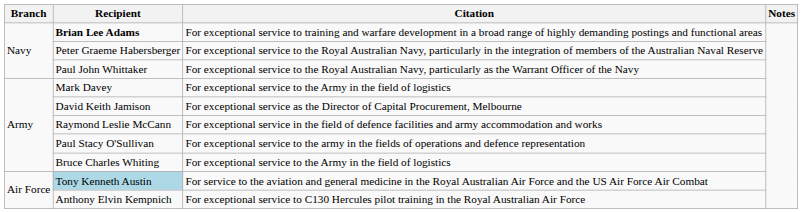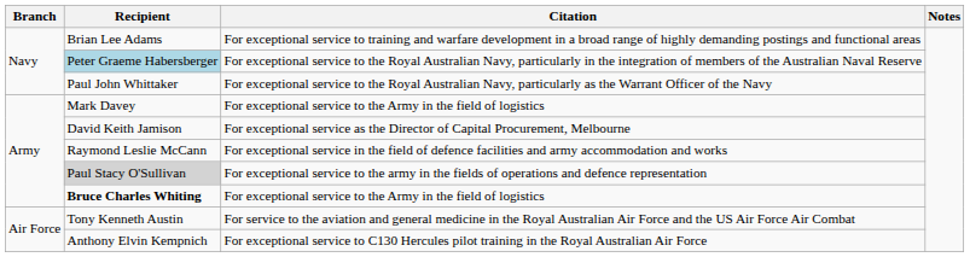 <table class="wikitable" style="font-size:95%;">
 <tr>
 <th>Branch</th>
 <th>Recipient</th>
 <th>Citation</th>
 <th>Notes</th>
 </tr>
 <tr>
 <td rowspan=3>Navy</td>
-<td><strong> Brian Lee Adams</strong></td>
+<td> Brian Lee Adams</td>
 <td>For exceptional service to training and warfare development in a broad range of highly demanding postings and functional areas</td>
 <td rowspan="10"></td>
 </tr>
 <tr>
-<td> Peter Graeme Habersberger </td>
+<td style="background: lightblue;"> Peter Graeme Habersberger </td>
 <td>For exceptional service to the Royal Australian Navy, particularly in the integration of members of the Australian Naval Reserve</td>
 </tr>
 <tr>
 <td> Paul John Whittaker</td>
 <td>For exceptional service to the Royal Australian Navy, particularly as the Warrant Officer of the Navy</td>
 </tr>
 <tr>
 <td rowspan=5>Army</td>
 <td> Mark Davey</td>
 <td>For exceptional service to the Army in the field of logistics</td>
 </tr>
 <tr>
 <td> David Keith Jamison</td>
 <td>For exceptional service as the Director of Capital Procurement, Melbourne</td>
 </tr>
 <tr>
 <td> Raymond Leslie McCann </td>
 <td>For exceptional service in the field of defence facilities and army accommodation and works</td>
 </tr>
 <tr>
-<td> Paul Stacy O'Sullivan</td>
+<td style="background: lightgrey;"> Paul Stacy O'Sullivan</td>
 <td>For exceptional service to the army in the fields of operations and defence representation</td>
 </tr>
 <tr>
-<td> Bruce Charles Whiting</td>
+<td><strong> Bruce Charles Whiting</strong></td>
 <td>For exceptional service to the Army in the field of logistics</td>
 </tr>
 <tr>
 <td rowspan=2>Air Force</td>
-<td style="background: lightblue;"> Tony Kenneth Austin</td>
+<td> Tony Kenneth Austin</td>
 <td>For service to the aviation and general medicine in the Royal Australian Air Force and the US Air Force Air Combat</td>
 </tr>
 <tr>
 <td> Anthony Elvin Kempnich</td>
 <td>For exceptional service to C130 Hercules pilot training in the Royal Australian Air Force</td>
 </tr>
 </table>
